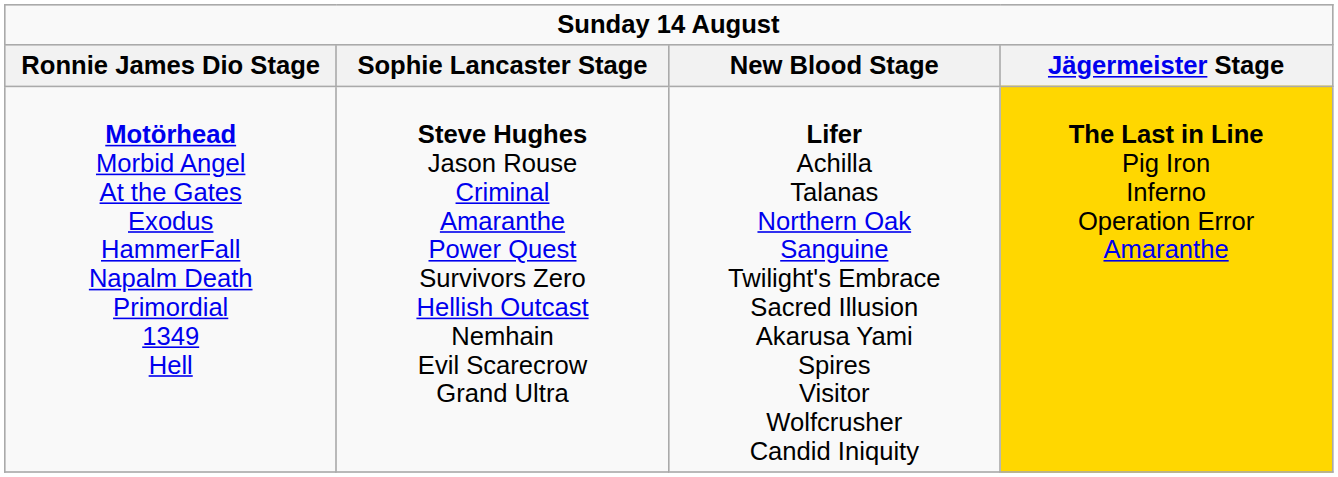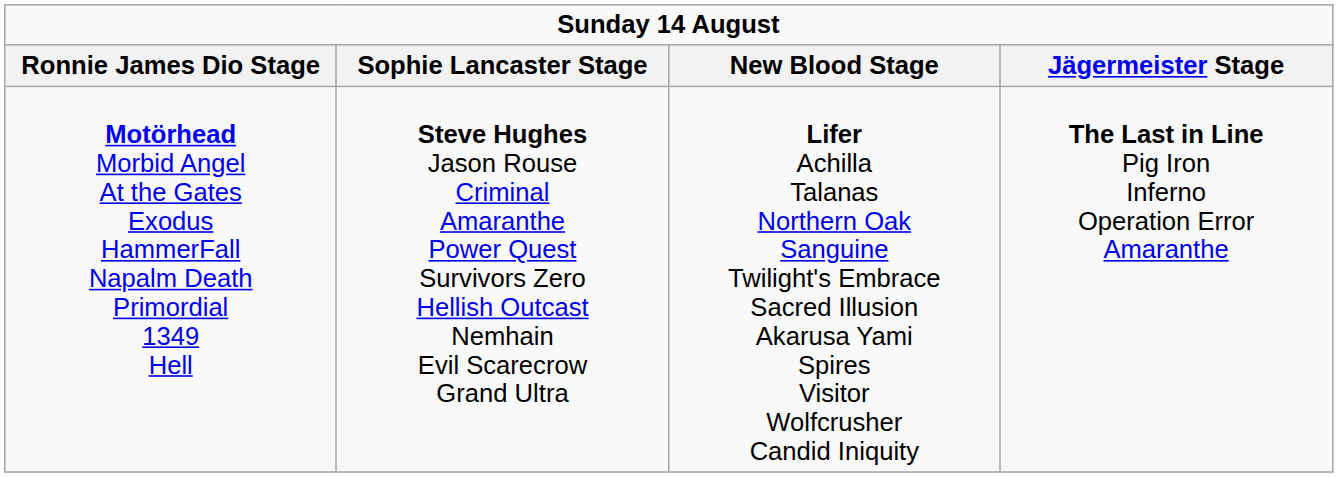 <table class="wikitable">
 <tr>
 <td colspan="4" align="center"><strong>Sunday 14 August</strong></td>
 </tr>
 <tr>
 <th>Ronnie James Dio Stage</th>
 <th>Sophie Lancaster Stage</th>
 <th>New Blood Stage</th>
 <th><a href='#'>Jägermeister</a> Stage</th>
 </tr>
 <tr>
 <td valign="top" align="center" width=200><br><strong><a href='#'>Motörhead</a></strong><br> <a href='#'>Morbid Angel</a><br> <a href='#'>At the Gates</a><br> <a href='#'>Exodus</a><br> <a href='#'>HammerFall</a><br> <a href='#'>Napalm Death</a><br> <a href='#'>Primordial</a><br> <a href='#'>1349</a><br> <a href='#'>Hell</a><br></td>
 <td valign="top" align="center" width=200><br><strong>Steve Hughes</strong><br> Jason Rouse<br> <a href='#'>Criminal</a><br> <a href='#'>Amaranthe</a><br> <a href='#'>Power Quest</a><br> Survivors Zero<br> <a href='#'>Hellish Outcast</a><br> Nemhain<br> Evil Scarecrow<br> Grand Ultra<br></td>
 <td valign="top" align="center" width=200><br><strong>Lifer</strong><br> Achilla<br> Talanas<br> <a href='#'>Northern Oak</a><br> <a href='#'>Sanguine</a><br> Twilight's Embrace<br> Sacred Illusion<br> Akarusa Yami<br> Spires<br> Visitor<br> Wolfcrusher<br> Candid Iniquity<br></td>
-<td valign="top" align="center" width=200 style="background: gold;"><br><strong>The Last in Line</strong><br> Pig Iron<br> Inferno<br> Operation Error<br> <a href='#'>Amaranthe</a><br></td>
+<td valign="top" align="center" width=200><br><strong>The Last in Line</strong><br> Pig Iron<br> Inferno<br> Operation Error<br> <a href='#'>Amaranthe</a><br></td>
 </tr>
 </table>
